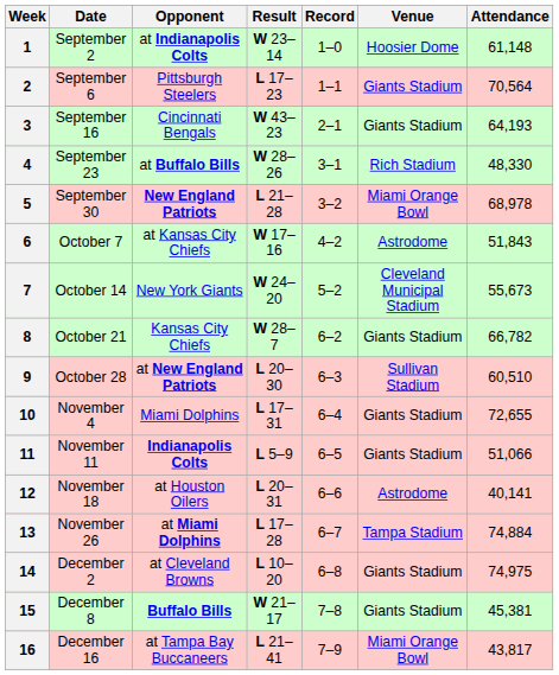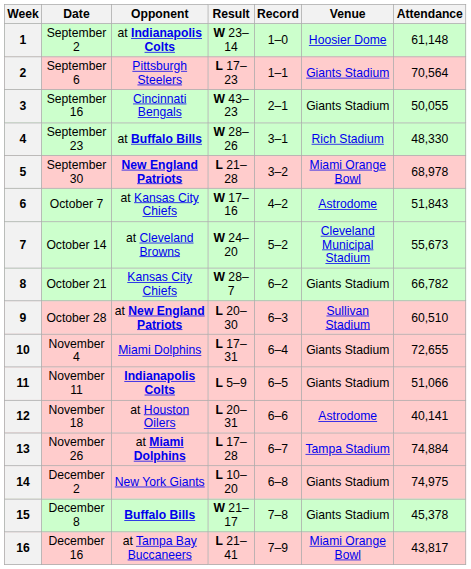 <table class="wikitable" style="text-align:center">
 <tr>
 <th>Week</th>
 <th>Date</th>
 <th>Opponent</th>
 <th>Result</th>
 <th>Record</th>
 <th>Venue</th>
 <th>Attendance</th>
 </tr>
 <tr style="background:#cfc">
 <th>1</th>
 <td>September 2</td>
 <td>at <strong><a href='#'>Indianapolis Colts</a></strong></td>
 <td><strong>W</strong> 23–14</td>
 <td>1–0</td>
 <td><a href='#'>Hoosier Dome</a></td>
 <td>61,148</td>
 </tr>
 <tr style="background:#fcc">
 <th>2</th>
 <td>September 6</td>
 <td><a href='#'>Pittsburgh Steelers</a></td>
 <td><strong>L</strong> 17–23</td>
 <td>1–1</td>
 <td><a href='#'>Giants Stadium</a></td>
 <td>70,564</td>
 </tr>
 <tr style="background:#cfc">
 <th>3</th>
 <td>September 16</td>
 <td><a href='#'>Cincinnati Bengals</a></td>
 <td><strong>W</strong> 43–23</td>
 <td>2–1</td>
 <td>Giants Stadium</td>
-<td>64,193</td>
+<td>50,055</td>
 </tr>
 <tr style="background:#cfc">
 <th>4</th>
 <td>September 23</td>
 <td>at <strong><a href='#'>Buffalo Bills</a></strong></td>
 <td><strong>W</strong> 28–26</td>
 <td>3–1</td>
 <td><a href='#'>Rich Stadium</a></td>
 <td>48,330</td>
 </tr>
 <tr style="background:#fcc">
 <th>5</th>
 <td>September 30</td>
 <td><strong><a href='#'>New England Patriots</a></strong></td>
 <td><strong>L</strong> 21–28</td>
 <td>3–2</td>
 <td><a href='#'>Miami Orange Bowl</a></td>
 <td>68,978</td>
 </tr>
 <tr style="background:#cfc">
 <th>6</th>
 <td>October 7</td>
 <td>at <a href='#'>Kansas City Chiefs</a></td>
 <td><strong>W</strong> 17–16</td>
 <td>4–2</td>
 <td><a href='#'>Astrodome</a></td>
 <td>51,843</td>
 </tr>
 <tr style="background:#cfc">
 <th>7</th>
 <td>October 14</td>
-<td><a href='#'>New York Giants</a></td>
+<td>at <a href='#'>Cleveland Browns</a></td>
 <td><strong>W</strong> 24–20</td>
 <td>5–2</td>
 <td><a href='#'>Cleveland Municipal Stadium</a></td>
 <td>55,673</td>
 </tr>
 <tr style="background:#cfc">
 <th>8</th>
 <td>October 21</td>
 <td><a href='#'>Kansas City Chiefs</a></td>
 <td><strong>W</strong> 28–7</td>
 <td>6–2</td>
 <td>Giants Stadium</td>
 <td>66,782</td>
 </tr>
 <tr style="background:#fcc">
 <th>9</th>
 <td>October 28</td>
 <td>at <strong><a href='#'>New England Patriots</a></strong></td>
 <td><strong>L</strong> 20–30</td>
 <td>6–3</td>
 <td><a href='#'>Sullivan Stadium</a></td>
 <td>60,510</td>
 </tr>
 <tr style="background:#fcc">
 <th>10</th>
 <td>November 4</td>
 <td><a href='#'>Miami Dolphins</a></td>
 <td><strong>L</strong> 17–31</td>
 <td>6–4</td>
 <td>Giants Stadium</td>
 <td>72,655</td>
 </tr>
 <tr style="background:#fcc">
 <th>11</th>
 <td>November 11</td>
 <td><strong><a href='#'>Indianapolis Colts</a></strong></td>
 <td><strong>L</strong> 5–9</td>
 <td>6–5</td>
 <td>Giants Stadium</td>
 <td>51,066</td>
 </tr>
 <tr style="background:#fcc">
 <th>12</th>
 <td>November 18</td>
 <td>at <a href='#'>Houston Oilers</a></td>
 <td><strong>L</strong> 20–31</td>
 <td>6–6</td>
 <td><a href='#'>Astrodome</a></td>
 <td>40,141</td>
 </tr>
 <tr style="background:#fcc">
 <th>13</th>
 <td>November 26</td>
 <td>at <strong><a href='#'>Miami Dolphins</a></strong></td>
 <td><strong>L</strong> 17–28</td>
 <td>6–7</td>
 <td><a href='#'>Tampa Stadium</a></td>
 <td>74,884</td>
 </tr>
 <tr style="background:#fcc">
 <th>14</th>
 <td>December 2</td>
-<td>at <a href='#'>Cleveland Browns</a></td>
+<td><a href='#'>New York Giants</a></td>
 <td><strong>L</strong> 10–20</td>
 <td>6–8</td>
 <td>Giants Stadium</td>
 <td>74,975</td>
 </tr>
 <tr style="background:#cfc">
 <th>15</th>
 <td>December 8</td>
 <td><strong><a href='#'>Buffalo Bills</a></strong></td>
 <td><strong>W</strong> 21–17</td>
 <td>7–8</td>
 <td>Giants Stadium</td>
-<td>45,381</td>
+<td>45,378</td>
 </tr>
 <tr style="background:#fcc">
 <th>16</th>
 <td>December 16</td>
 <td>at <a href='#'>Tampa Bay Buccaneers</a></td>
 <td><strong>L</strong> 21–41</td>
 <td>7–9</td>
 <td><a href='#'>Miami Orange Bowl</a></td>
 <td>43,817</td>
 </tr>
 </table>
